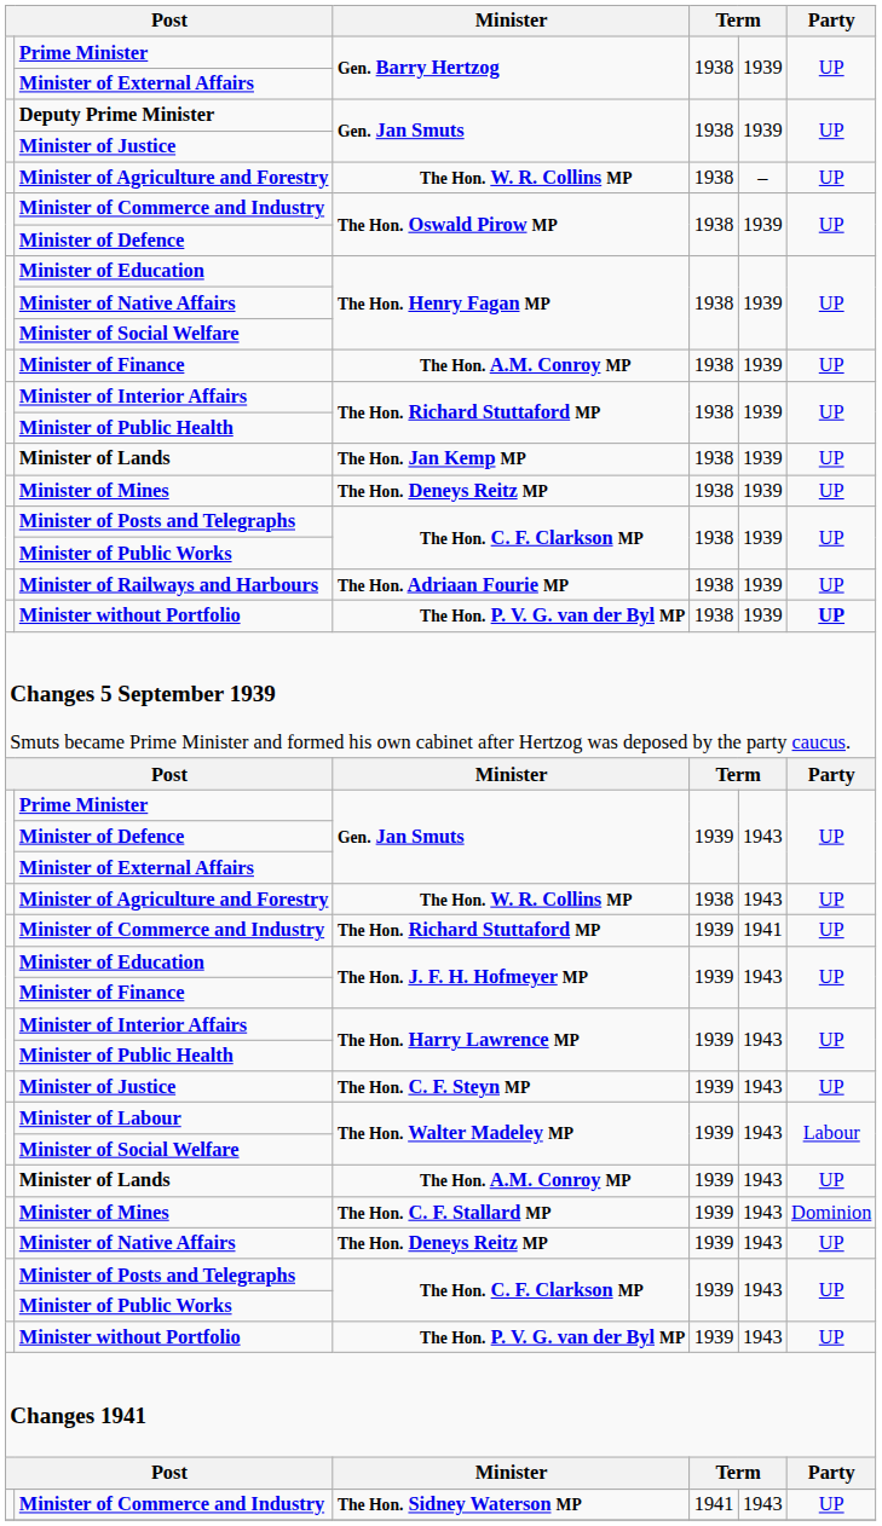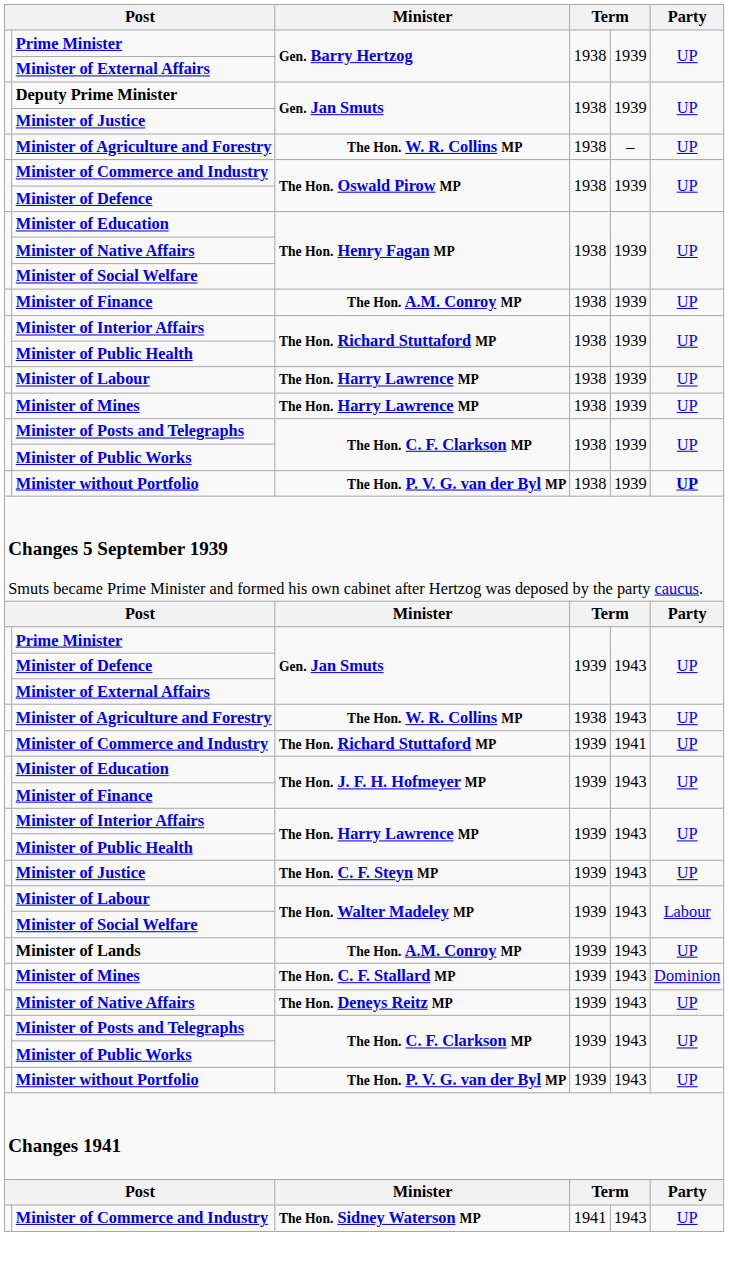 <table class="wikitable">
 <tr>
 <th colspan=2>Post</th>
 <th>Minister</th>
 <th colspan=2>Term</th>
 <th>Party</th>
 </tr>
 <tr>
 <td rowspan=2 style="background-color: "></td>
 <td><strong><a href='#'>Prime Minister</a></strong></td>
 <td rowspan=2> <strong><small>Gen.</small> <a href='#'>Barry Hertzog</a></strong></td>
 <td rowspan=2>1938</td>
 <td rowspan=2>1939</td>
 <td rowspan=2 align=center><a href='#'>UP</a></td>
 </tr>
 <tr>
 <td><strong><a href='#'>Minister of External Affairs</a></strong></td>
 </tr>
 <tr>
 <td rowspan=2 style="background-color: "></td>
 <td><strong>Deputy Prime Minister</strong></td>
 <td rowspan=2> <strong><small>Gen.</small> <a href='#'>Jan Smuts</a></strong></td>
 <td rowspan=2>1938</td>
 <td rowspan=2>1939</td>
 <td rowspan=2 align=center><a href='#'>UP</a></td>
 </tr>
 <tr>
 <td><strong><a href='#'>Minister of Justice</a></strong></td>
 </tr>
 <tr>
 <td style="background-color: "></td>
 <td><strong><a href='#'>Minister of Agriculture and Forestry</a></strong></td>
 <td style="padding-left:70px"><strong><small>The Hon.</small> <a href='#'>W. R. Collins</a> <small>MP</small></strong></td>
 <td>1938</td>
 <td align=center>–</td>
 <td align=center><a href='#'>UP</a></td>
 </tr>
 <tr>
 <td rowspan=2 style="background-color: "></td>
 <td><strong><a href='#'>Minister of Commerce and Industry</a></strong></td>
 <td rowspan=2> <strong><small>The Hon.</small> <a href='#'>Oswald Pirow</a> <small>MP</small></strong></td>
 <td rowspan=2>1938</td>
 <td rowspan=2>1939</td>
 <td rowspan=2 align=center><a href='#'>UP</a></td>
 </tr>
 <tr>
 <td><strong><a href='#'>Minister of Defence</a></strong></td>
 </tr>
 <tr>
 <td rowspan=3 style="background-color: "></td>
 <td><strong><a href='#'>Minister of Education</a></strong></td>
 <td rowspan=3> <strong><small>The Hon.</small> <a href='#'>Henry Fagan</a> <small>MP</small></strong></td>
 <td rowspan=3>1938</td>
 <td rowspan=3>1939</td>
 <td rowspan=3 align=center><a href='#'>UP</a></td>
 </tr>
 <tr>
 <td><strong><a href='#'>Minister of Native Affairs</a></strong></td>
 </tr>
 <tr>
 <td><strong><a href='#'>Minister of Social Welfare</a></strong></td>
 </tr>
 <tr>
 <td style="background-color: "></td>
 <td><strong><a href='#'>Minister of Finance</a></strong></td>
 <td style="padding-left:70px"><strong><small>The Hon.</small> <a href='#'>A.M. Conroy</a> <small>MP</small></strong></td>
 <td>1938</td>
 <td>1939</td>
 <td align=center><a href='#'>UP</a></td>
 </tr>
 <tr>
 <td rowspan=2 style="background-color: "></td>
 <td><strong><a href='#'>Minister of Interior Affairs</a></strong></td>
 <td rowspan=2> <strong><small>The Hon.</small> <a href='#'>Richard Stuttaford</a> <small>MP</small></strong></td>
 <td rowspan=2>1938</td>
 <td rowspan=2>1939</td>
 <td rowspan=2 align=center><a href='#'>UP</a></td>
 </tr>
 <tr>
 <td><strong><a href='#'>Minister of Public Health</a></strong></td>
 </tr>
 <tr>
 <td style="background-color: "></td>
-<td><strong>Minister of Lands</strong></td>
-<td> <strong><small>The Hon.</small> <a href='#'>Jan Kemp</a> <small>MP</small></strong></td>
+<td><strong><a href='#'>Minister of Labour</a></strong></td>
+<td> <strong><small>The Hon.</small> <a href='#'>Harry Lawrence</a> <small>MP</small></strong></td>
 <td>1938</td>
 <td>1939</td>
 <td align=center><a href='#'>UP</a></td>
 </tr>
 <tr>
 <td style="background-color: "></td>
 <td><strong><a href='#'>Minister of Mines</a></strong></td>
-<td> <strong><small>The Hon.</small> <a href='#'>Deneys Reitz</a> <small>MP</small></strong></td>
+<td> <strong><small>The Hon.</small> <a href='#'>Harry Lawrence</a> <small>MP</small></strong></td>
 <td>1938</td>
 <td>1939</td>
 <td align=center><a href='#'>UP</a></td>
 </tr>
 <tr>
 <td rowspan=2 style="background-color: "></td>
 <td><strong><a href='#'>Minister of Posts and Telegraphs</a></strong></td>
 <td rowspan=2 style="padding-left:70px"><strong><small>The Hon.</small> <a href='#'>C. F. Clarkson</a> <small>MP</small></strong></td>
 <td rowspan=2>1938</td>
 <td rowspan=2>1939</td>
 <td rowspan=2 align=center><a href='#'>UP</a></td>
 </tr>
 <tr>
 <td><strong><a href='#'>Minister of Public Works</a></strong></td>
-</tr>
-<tr>
-<td style="background-color: "></td>
-<td><strong><a href='#'>Minister of Railways and Harbours</a></strong></td>
-<td> <strong><small>The Hon.</small> <a href='#'>Adriaan Fourie</a> <small>MP</small></strong></td>
-<td>1938</td>
-<td>1939</td>
-<td align=center><a href='#'>UP</a></td>
 </tr>
 <tr>
 <td style="background-color: "></td>
 <td><strong><a href='#'>Minister without Portfolio</a></strong></td>
 <td style="padding-left:70px"><strong><small>The Hon.</small> <a href='#'>P. V. G. van der Byl</a> <small>MP</small></strong></td>
 <td>1938</td>
 <td>1939</td>
 <td align=center><strong><a href='#'>UP</a></strong></td>
 </tr>
 <tr>
 <td colspan=6><br><h3>Changes 5 September 1939</h3>Smuts became Prime Minister and formed his own cabinet after Hertzog was deposed by the party <a href='#'>caucus</a>.</td>
 </tr>
 <tr>
 <th colspan=2>Post</th>
 <th>Minister</th>
 <th colspan=2>Term</th>
 <th>Party</th>
 </tr>
 <tr>
 <td rowspan=3 style="background-color: "></td>
 <td><strong><a href='#'>Prime Minister</a></strong></td>
 <td rowspan=3> <strong><small>Gen.</small> <a href='#'>Jan Smuts</a></strong></td>
 <td rowspan=3>1939</td>
 <td rowspan=3>1943</td>
 <td rowspan=3 align=center><a href='#'>UP</a></td>
 </tr>
 <tr>
 <td><strong><a href='#'>Minister of Defence</a></strong></td>
 </tr>
 <tr>
 <td><strong><a href='#'>Minister of External Affairs</a></strong></td>
 </tr>
 <tr>
 <td style="background-color: "></td>
 <td><strong><a href='#'>Minister of Agriculture and Forestry</a></strong></td>
 <td style="padding-left:70px"><strong><small>The Hon.</small> <a href='#'>W. R. Collins</a> <small>MP</small></strong></td>
 <td>1938</td>
 <td>1943</td>
 <td align=center><a href='#'>UP</a></td>
 </tr>
 <tr>
 <td style="background-color: "></td>
 <td><strong><a href='#'>Minister of Commerce and Industry</a></strong></td>
 <td> <strong><small>The Hon.</small> <a href='#'>Richard Stuttaford</a> <small>MP</small></strong></td>
 <td>1939</td>
 <td>1941</td>
 <td align=center><a href='#'>UP</a></td>
 </tr>
 <tr>
 <td rowspan=2 style="background-color: "></td>
 <td><strong><a href='#'>Minister of Education</a></strong></td>
 <td rowspan=2> <strong><small>The Hon.</small> <a href='#'>J. F. H. Hofmeyer</a> <small>MP</small></strong></td>
 <td rowspan=2>1939</td>
 <td rowspan=2>1943</td>
 <td rowspan=2 align=center><a href='#'>UP</a></td>
 </tr>
 <tr>
 <td><strong><a href='#'>Minister of Finance</a></strong></td>
 </tr>
 <tr>
 <td rowspan=2 style="background-color: "></td>
 <td><strong><a href='#'>Minister of Interior Affairs</a></strong></td>
 <td rowspan=2> <strong><small>The Hon.</small> <a href='#'>Harry Lawrence</a> <small>MP</small></strong></td>
 <td rowspan=2>1939</td>
 <td rowspan=2>1943</td>
 <td rowspan=2 align=center><a href='#'>UP</a></td>
 </tr>
 <tr>
 <td><strong><a href='#'>Minister of Public Health</a></strong></td>
 </tr>
 <tr>
 <td style="background-color: "></td>
 <td><strong><a href='#'>Minister of Justice</a></strong></td>
 <td> <strong><small>The Hon.</small> <a href='#'>C. F. Steyn</a> <small>MP</small></strong></td>
 <td>1939</td>
 <td>1943</td>
 <td align=center><a href='#'>UP</a></td>
 </tr>
 <tr>
 <td rowspan=2 style="background-color: "></td>
 <td><strong><a href='#'>Minister of Labour</a></strong></td>
 <td rowspan=2> <strong><small>The Hon.</small> <a href='#'>Walter Madeley</a> <small>MP</small></strong></td>
 <td rowspan=2>1939</td>
 <td rowspan=2>1943</td>
 <td rowspan=2 align=center><a href='#'>Labour</a></td>
 </tr>
 <tr>
 <td><strong><a href='#'>Minister of Social Welfare</a></strong></td>
 </tr>
 <tr>
 <td style="background-color: "></td>
 <td><strong>Minister of Lands</strong></td>
 <td style="padding-left:70px"><strong><small>The Hon.</small> <a href='#'>A.M. Conroy</a> <small>MP</small></strong></td>
 <td>1939</td>
 <td>1943</td>
 <td align=center><a href='#'>UP</a></td>
 </tr>
 <tr>
 <td style="background-color: "></td>
 <td><strong><a href='#'>Minister of Mines</a></strong></td>
 <td> <strong><small>The Hon.</small> <a href='#'>C. F. Stallard</a> <small>MP</small></strong></td>
 <td>1939</td>
 <td>1943</td>
 <td align=center><a href='#'>Dominion</a></td>
 </tr>
 <tr>
 <td style="background-color: "></td>
 <td><strong><a href='#'>Minister of Native Affairs</a></strong></td>
 <td> <strong><small>The Hon.</small> <a href='#'>Deneys Reitz</a> <small>MP</small></strong></td>
 <td>1939</td>
 <td>1943</td>
 <td align=center><a href='#'>UP</a></td>
 </tr>
 <tr>
 <td rowspan=2 style="background-color: "></td>
 <td><strong><a href='#'>Minister of Posts and Telegraphs</a></strong></td>
 <td rowspan=2 style="padding-left:70px"><strong><small>The Hon.</small> <a href='#'>C. F. Clarkson</a> <small>MP</small></strong></td>
 <td rowspan=2>1939</td>
 <td rowspan=2>1943</td>
 <td rowspan=2 align=center><a href='#'>UP</a></td>
 </tr>
 <tr>
 <td><strong><a href='#'>Minister of Public Works</a></strong></td>
 </tr>
 <tr>
 <td style="background-color: "></td>
 <td><strong><a href='#'>Minister without Portfolio</a></strong></td>
 <td style="padding-left:70px"><strong><small>The Hon.</small> <a href='#'>P. V. G. van der Byl</a> <small>MP</small></strong></td>
 <td>1939</td>
 <td>1943</td>
 <td align=center><a href='#'>UP</a></td>
 </tr>
 <tr>
 <td colspan=6><br><h3>Changes 1941</h3></td>
 </tr>
 <tr>
 <th colspan=2>Post</th>
 <th>Minister</th>
 <th colspan=2>Term</th>
 <th>Party</th>
 </tr>
 <tr>
 <td style="background-color: "></td>
 <td><strong><a href='#'>Minister of Commerce and Industry</a></strong></td>
 <td> <strong><small>The Hon.</small> <a href='#'>Sidney Waterson</a> <small>MP</small></strong></td>
 <td>1941</td>
 <td>1943</td>
 <td align=center><a href='#'>UP</a></td>
 </tr>
 <tr>
 </tr>
 </table>
